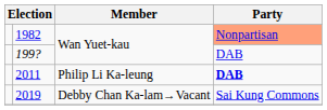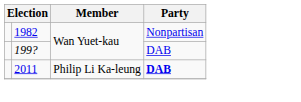 <table class="wikitable">
 <tr>
 <th colspan="2">Election</th>
 <th>Member</th>
 <th>Party</th>
 </tr>
 <tr>
 <td style="color:inherit;background:"></td>
 <td><a href='#'>1982</a></td>
 <td rowspan=2>Wan Yuet-kau</td>
-<td style="background: lightsalmon;"><a href='#'>Nonpartisan</a></td>
+<td><a href='#'>Nonpartisan</a></td>
 </tr>
 <tr>
 <td style="color:inherit;background:"></td>
 <td><em>199?</em></td>
 <td><a href='#'>DAB</a></td>
 </tr>
 <tr>
 <td style="color:inherit;background:"></td>
 <td><a href='#'>2011</a></td>
 <td>Philip Li Ka-leung</td>
 <td><strong><a href='#'>DAB</a></strong></td>
 </tr>
 <tr>
-<td style="color:inherit;background:"></td>
-<td><a href='#'>2019</a></td>
-<td>Debby Chan Ka-lam→Vacant</td>
-<td><a href='#'>Sai Kung Commons</a></td>
-</tr>
-<tr>
 </tr>
 </table>
